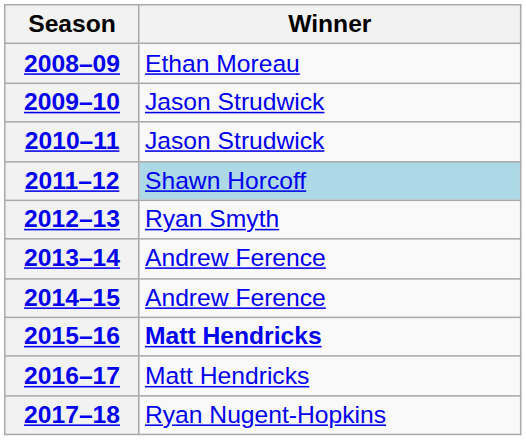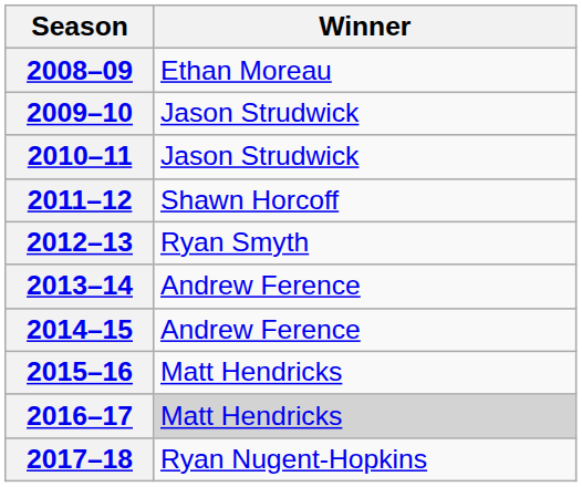 <table class="wikitable">
 <tr>
 <th scope="col" style="width:5em">Season</th>
 <th scope="col" style="width:15em">Winner</th>
 </tr>
 <tr>
 <th scope="row"><a href='#'>2008–09</a></th>
 <td><a href='#'>Ethan Moreau</a></td>
 </tr>
 <tr>
 <th scope="row"><a href='#'>2009–10</a></th>
 <td><a href='#'>Jason Strudwick</a></td>
 </tr>
 <tr>
 <th scope="row"><a href='#'>2010–11</a></th>
 <td><a href='#'>Jason Strudwick</a></td>
 </tr>
 <tr>
 <th scope="row"><a href='#'>2011–12</a></th>
-<td style="background: lightblue;"><a href='#'>Shawn Horcoff</a></td>
+<td><a href='#'>Shawn Horcoff</a></td>
 </tr>
 <tr>
 <th scope="row"><a href='#'>2012–13</a></th>
 <td><a href='#'>Ryan Smyth</a></td>
 </tr>
 <tr>
 <th scope="row"><a href='#'>2013–14</a></th>
 <td><a href='#'>Andrew Ference</a></td>
 </tr>
 <tr>
 <th scope="row"><a href='#'>2014–15</a></th>
 <td><a href='#'>Andrew Ference</a></td>
 </tr>
 <tr>
 <th scope="row"><a href='#'>2015–16</a></th>
-<td><strong><a href='#'>Matt Hendricks</a></strong></td>
+<td><a href='#'>Matt Hendricks</a></td>
 </tr>
 <tr>
 <th scope="row"><a href='#'>2016–17</a></th>
-<td><a href='#'>Matt Hendricks</a></td>
+<td style="background: lightgrey;"><a href='#'>Matt Hendricks</a></td>
 </tr>
 <tr>
 <th scope="row"><a href='#'>2017–18</a></th>
 <td><a href='#'>Ryan Nugent-Hopkins</a></td>
 </tr>
 </table>
